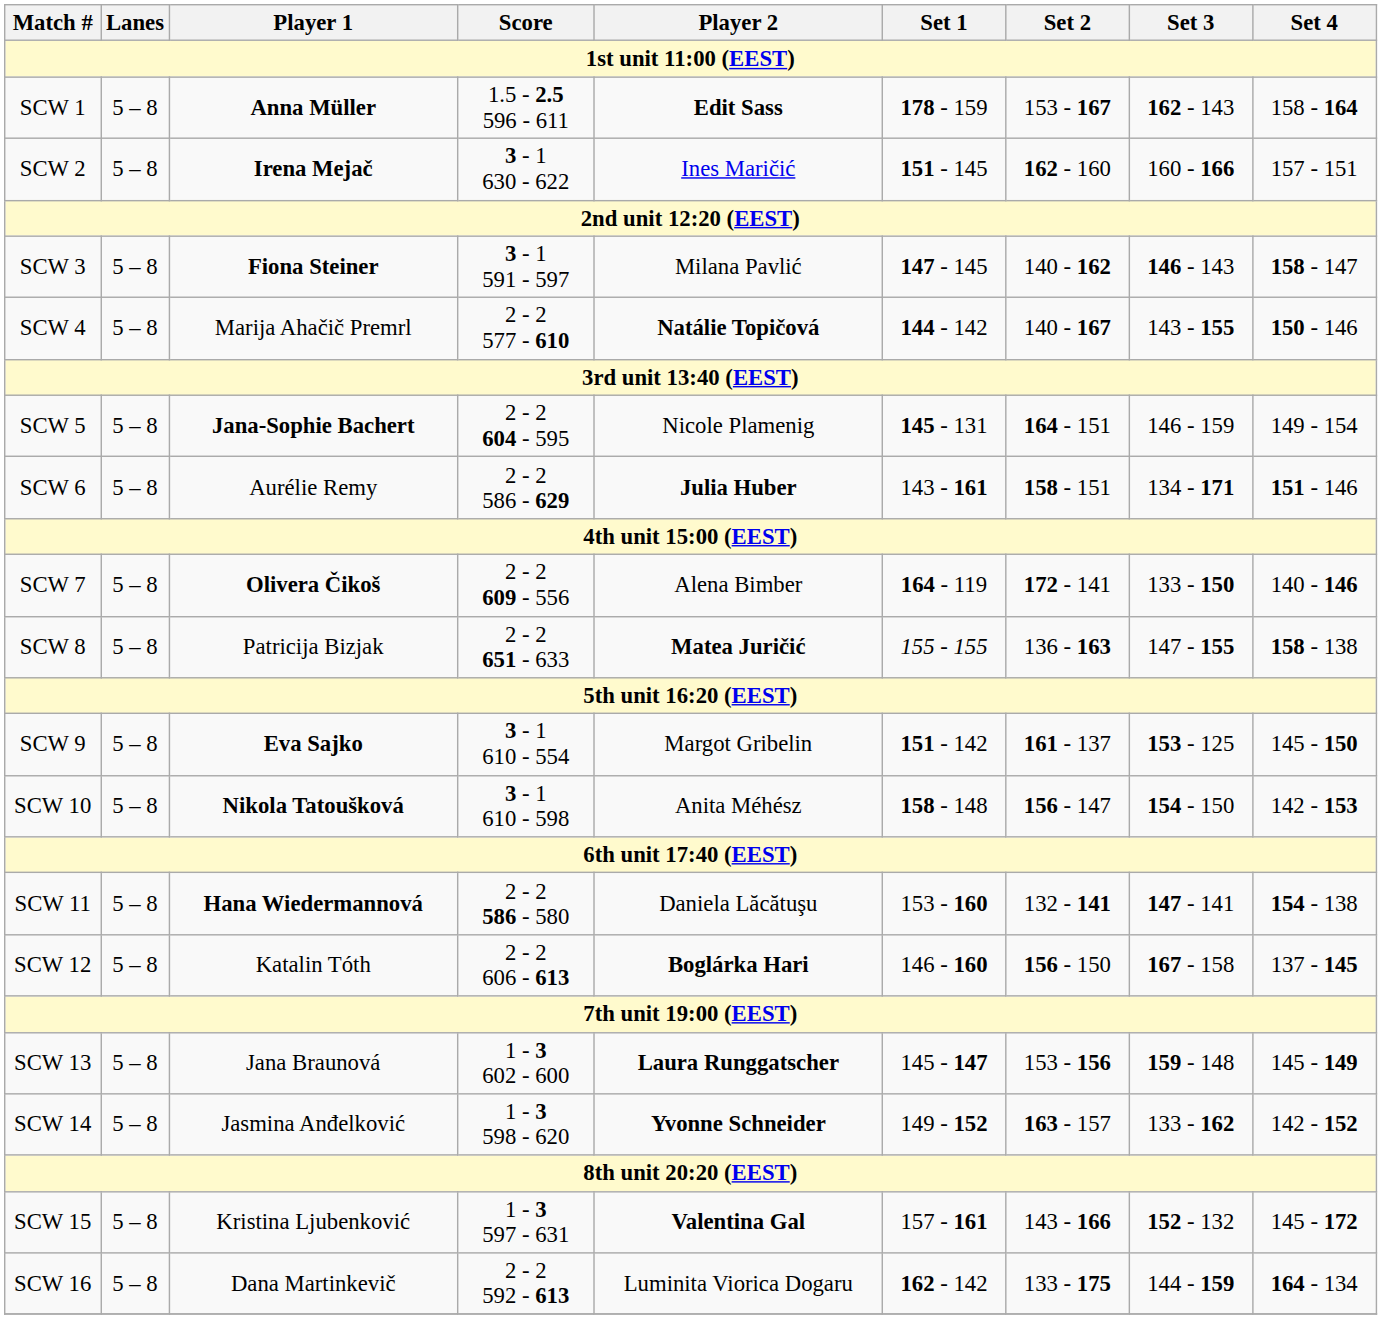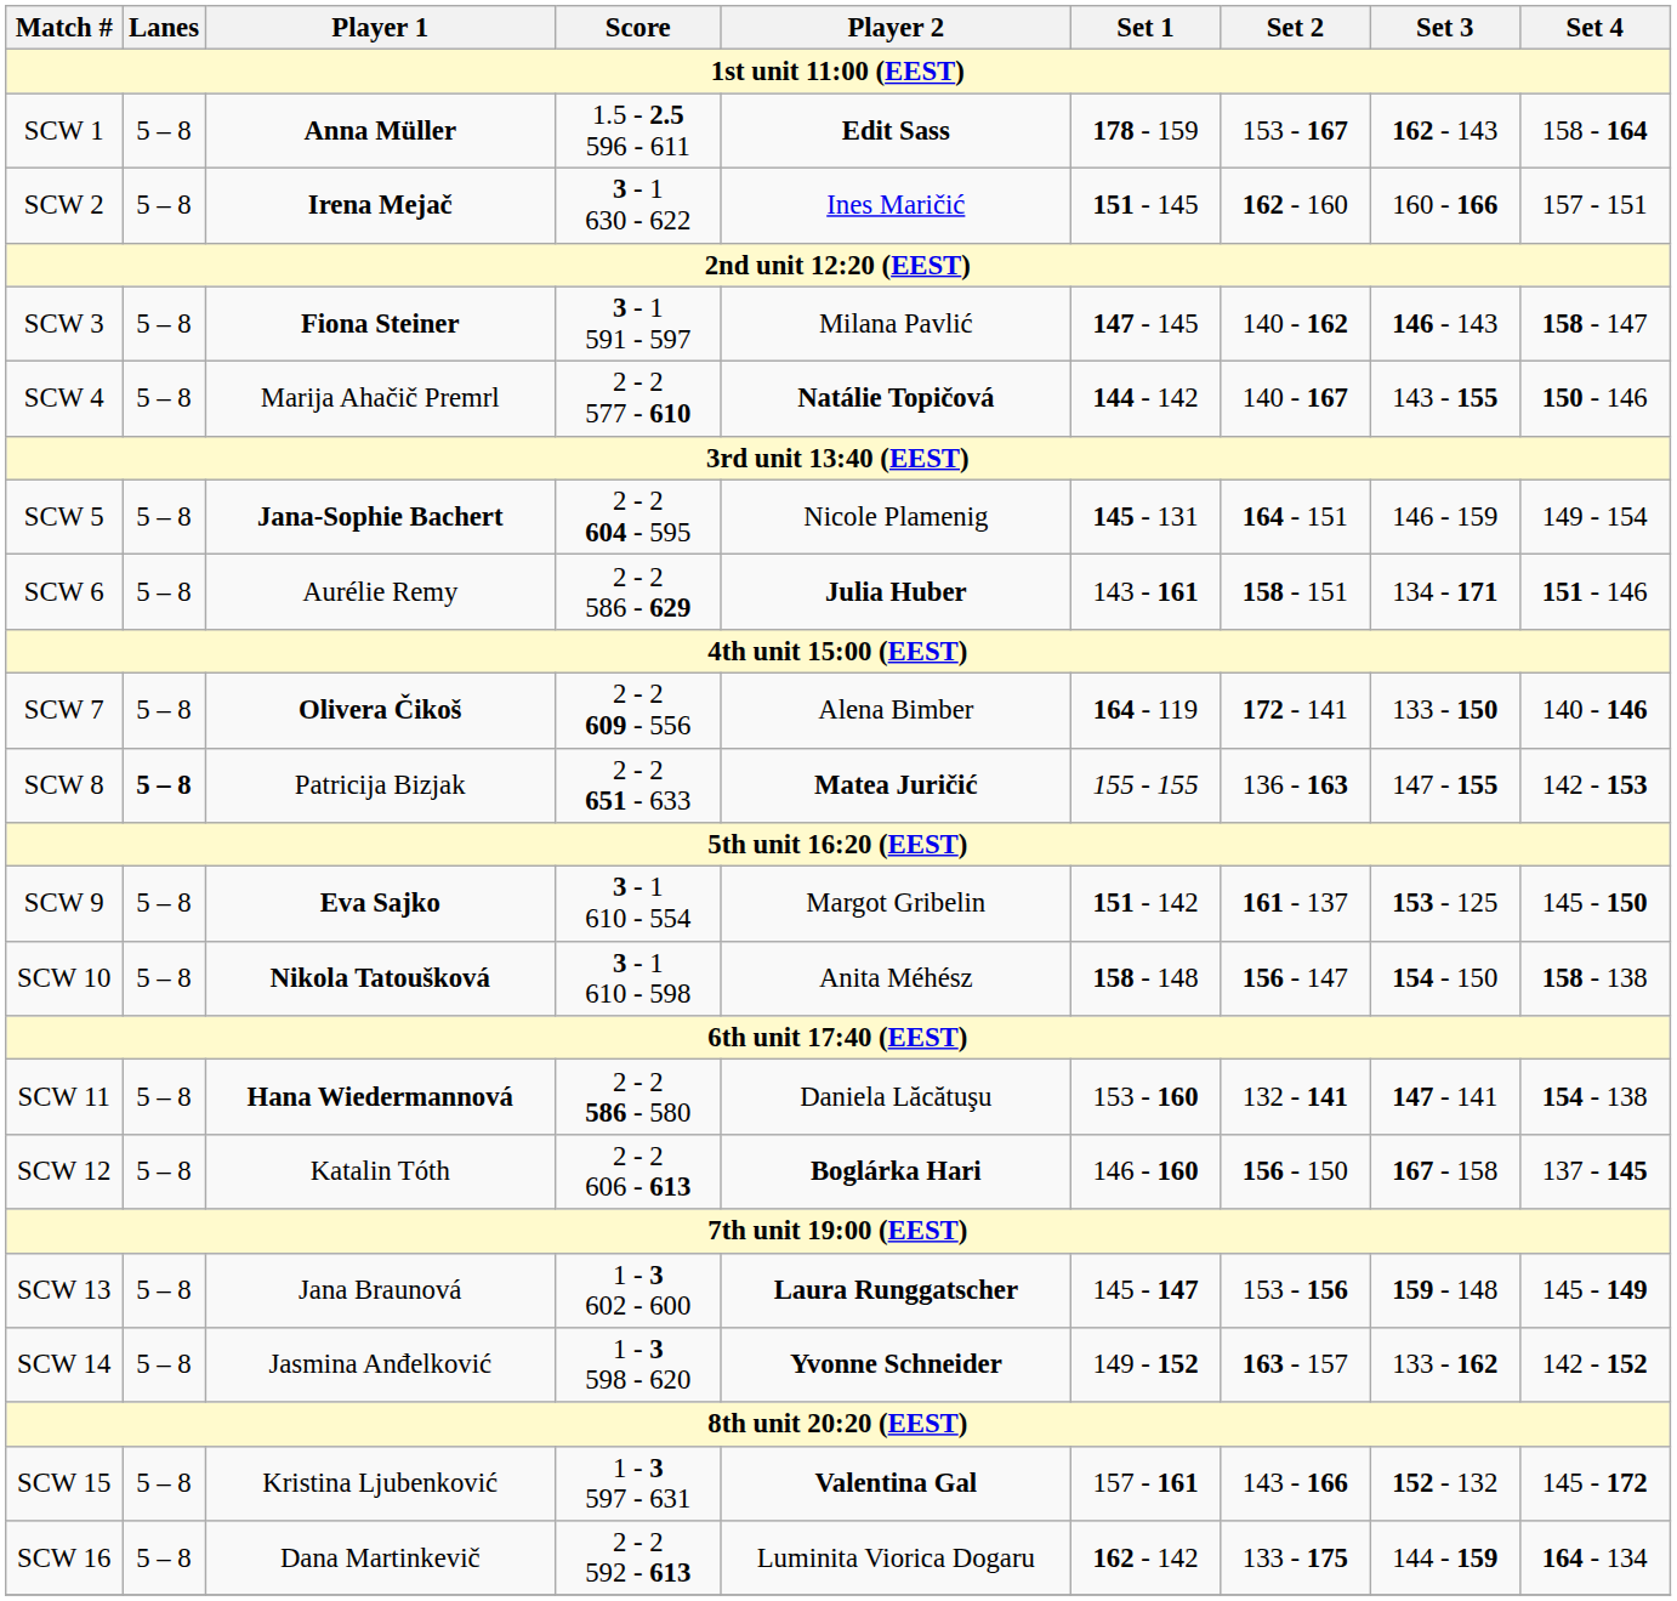 <table class="wikitable">
 <tr>
 <th width="7%">Match #</th>
 <th width="5%">Lanes</th>
 <th width="21%">Player 1</th>
 <th width="10%">Score</th>
 <th width="21%">Player 2</th>
 <th width="9%">Set 1</th>
 <th width="9%">Set 2</th>
 <th width="9%">Set 3</th>
 <th width="9%">Set 4</th>
 </tr>
 <tr>
 <td colspan="9" style="text-align:center; background-color:#FFFACD"><strong>1st unit 11:00 (<a href='#'>EEST</a>)</strong></td>
 </tr>
 <tr style=text-align:center;"background:#;">
 <td>SCW 1</td>
 <td>5 – 8</td>
 <td> <strong>Anna Müller</strong></td>
 <td>1.5 - <strong>2.5</strong> <br> 596 - 611</td>
 <td><strong> Edit Sass</strong></td>
 <td><strong>178</strong> - 159</td>
 <td>153 - <strong>167</strong></td>
 <td><strong>162</strong> - 143</td>
 <td>158 - <strong>164</strong></td>
 </tr>
 <tr style=text-align:center;"background:#;">
 <td>SCW 2</td>
 <td>5 – 8</td>
 <td> <strong>Irena Mejač</strong></td>
 <td><strong>3</strong> - 1 <br> 630 - 622</td>
 <td> <a href='#'>Ines Maričić</a></td>
 <td><strong>151</strong> - 145</td>
 <td><strong>162</strong> - 160</td>
 <td>160 - <strong>166</strong></td>
 <td>157 - 151</td>
 </tr>
 <tr>
 <td colspan="9" style="text-align:center; background-color:#FFFACD"><strong>2nd unit 12:20 (<a href='#'>EEST</a>)</strong></td>
 </tr>
 <tr style=text-align:center;"background:#;">
 <td>SCW 3</td>
 <td>5 – 8</td>
 <td> <strong>Fiona Steiner</strong></td>
 <td><strong>3</strong> - 1 <br> 591 - 597</td>
 <td> Milana Pavlić</td>
 <td><strong>147</strong> - 145</td>
 <td>140 - <strong>162</strong></td>
 <td><strong>146</strong> - 143</td>
 <td><strong>158</strong> - 147</td>
 </tr>
 <tr style=text-align:center;"background:#;">
 <td>SCW 4</td>
 <td>5 – 8</td>
 <td> Marija Ahačič Premrl</td>
 <td>2 - 2 <br> 577 - <strong>610</strong></td>
 <td> <strong>Natálie Topičová</strong></td>
 <td><strong>144</strong> - 142</td>
 <td>140 - <strong>167</strong></td>
 <td>143 - <strong>155</strong></td>
 <td><strong>150</strong> - 146</td>
 </tr>
 <tr>
 <td colspan="9" style="text-align:center; background-color:#FFFACD"><strong>3rd unit 13:40 (<a href='#'>EEST</a>)</strong></td>
 </tr>
 <tr style=text-align:center;"background:#;">
 <td>SCW 5</td>
 <td>5 – 8</td>
 <td> <strong>Jana-Sophie Bachert</strong></td>
 <td>2 - 2 <br> <strong>604</strong> - 595</td>
 <td> Nicole Plamenig</td>
 <td><strong>145</strong> - 131</td>
 <td><strong>164</strong> - 151</td>
 <td>146 - 159</td>
 <td>149 - 154</td>
 </tr>
 <tr style=text-align:center;"background:#;">
 <td>SCW 6</td>
 <td>5 – 8</td>
 <td> Aurélie Remy</td>
 <td>2 - 2 <br> 586 - <strong>629</strong></td>
 <td> <strong>Julia Huber</strong></td>
 <td>143 - <strong>161</strong></td>
 <td><strong>158</strong> - 151</td>
 <td>134 - <strong>171</strong></td>
 <td><strong>151</strong> - 146</td>
 </tr>
 <tr>
 <td colspan="9" style="text-align:center; background-color:#FFFACD"><strong>4th unit 15:00 (<a href='#'>EEST</a>)</strong></td>
 </tr>
 <tr style=text-align:center;"background:#;">
 <td>SCW 7</td>
 <td>5 – 8</td>
 <td> <strong>Olivera Čikoš</strong></td>
 <td>2 - 2 <br> <strong>609</strong> - 556</td>
 <td> Alena Bimber</td>
 <td><strong>164</strong> - 119</td>
 <td><strong>172</strong> - 141</td>
 <td>133 - <strong>150</strong></td>
 <td>140 - <strong>146</strong></td>
 </tr>
 <tr style=text-align:center;"background:#;">
 <td>SCW 8</td>
-<td>5 – 8</td>
+<td><strong>5 – 8</strong></td>
 <td> Patricija Bizjak</td>
 <td>2 - 2 <br> <strong>651</strong> - 633</td>
 <td> <strong>Matea Juričić</strong></td>
 <td><em>155</em> - <em>155</em></td>
 <td>136 - <strong>163</strong></td>
 <td>147 - <strong>155</strong></td>
-<td><strong>158</strong> - 138</td>
+<td>142 - <strong>153</strong></td>
 </tr>
 <tr>
 <td colspan="9" style="text-align:center; background-color:#FFFACD"><strong>5th unit 16:20 (<a href='#'>EEST</a>)</strong></td>
 </tr>
 <tr style=text-align:center;"background:#;">
 <td>SCW 9</td>
 <td>5 – 8</td>
 <td> <strong>Eva Sajko</strong></td>
 <td><strong>3</strong> - 1 <br> 610 - 554</td>
 <td> Margot Gribelin</td>
 <td><strong>151</strong> - 142</td>
 <td><strong>161</strong> - 137</td>
 <td><strong>153</strong> - 125</td>
 <td>145 - <strong>150</strong></td>
 </tr>
 <tr style=text-align:center;"background:#;">
 <td>SCW 10</td>
 <td>5 – 8</td>
 <td> <strong>Nikola Tatoušková</strong></td>
 <td><strong>3</strong> - 1 <br> 610 - 598</td>
 <td> Anita Méhész</td>
 <td><strong>158</strong> - 148</td>
 <td><strong>156</strong> - 147</td>
 <td><strong>154</strong> - 150</td>
-<td>142 - <strong>153</strong></td>
+<td><strong>158</strong> - 138</td>
 </tr>
 <tr>
 <td colspan="9" style="text-align:center; background-color:#FFFACD"><strong>6th unit 17:40 (<a href='#'>EEST</a>)</strong></td>
 </tr>
 <tr style=text-align:center;"background:#;">
 <td>SCW 11</td>
 <td>5 – 8</td>
 <td> <strong>Hana Wiedermannová</strong></td>
 <td>2 - 2 <br> <strong>586</strong> - 580</td>
 <td> Daniela Lăcătuşu</td>
 <td>153 - <strong>160</strong></td>
 <td>132 - <strong>141</strong></td>
 <td><strong>147</strong> - 141</td>
 <td><strong>154</strong> - 138</td>
 </tr>
 <tr style=text-align:center;"background:#;">
 <td>SCW 12</td>
 <td>5 – 8</td>
 <td> Katalin Tóth</td>
 <td>2 - 2 <br> 606 - <strong>613</strong></td>
 <td> <strong>Boglárka Hari</strong></td>
 <td>146 - <strong>160</strong></td>
 <td><strong>156</strong> - 150</td>
 <td><strong>167</strong> - 158</td>
 <td>137 - <strong>145</strong></td>
 </tr>
 <tr>
 <td colspan="9" style="text-align:center; background-color:#FFFACD"><strong>7th unit 19:00 (<a href='#'>EEST</a>)</strong></td>
 </tr>
 <tr style=text-align:center;"background:#;">
 <td>SCW 13</td>
 <td>5 – 8</td>
 <td> Jana Braunová</td>
 <td>1 - <strong>3</strong> <br> 602 - 600</td>
 <td> <strong>Laura Runggatscher</strong></td>
 <td>145 - <strong>147</strong></td>
 <td>153 - <strong>156</strong></td>
 <td><strong>159</strong> - 148</td>
 <td>145 - <strong>149</strong></td>
 </tr>
 <tr style=text-align:center;"background:#;">
 <td>SCW 14</td>
 <td>5 – 8</td>
 <td> Jasmina Anđelković</td>
 <td>1 - <strong>3</strong> <br> 598 - 620</td>
 <td> <strong>Yvonne Schneider</strong></td>
 <td>149 - <strong>152</strong></td>
 <td><strong>163</strong> - 157</td>
 <td>133 - <strong>162</strong></td>
 <td>142 - <strong>152</strong></td>
 </tr>
 <tr>
 <td colspan="9" style="text-align:center; background-color:#FFFACD"><strong>8th unit 20:20 (<a href='#'>EEST</a>)</strong></td>
 </tr>
 <tr style=text-align:center;"background:#;">
 <td>SCW 15</td>
 <td>5 – 8</td>
 <td> Kristina Ljubenković</td>
 <td>1 - <strong>3</strong> <br> 597 - 631</td>
 <td> <strong>Valentina Gal</strong></td>
 <td>157 - <strong>161</strong></td>
 <td>143 - <strong>166</strong></td>
 <td><strong>152</strong> - 132</td>
 <td>145 - <strong>172</strong></td>
 </tr>
 <tr style=text-align:center;"background:#;">
 <td>SCW 16</td>
 <td>5 – 8</td>
 <td> Dana Martinkevič</td>
 <td>2 - 2 <br> 592 - <strong>613</strong></td>
 <td> Luminita Viorica Dogaru</td>
 <td><strong>162</strong> - 142</td>
 <td>133 - <strong>175</strong></td>
 <td>144 - <strong>159</strong></td>
 <td><strong>164</strong> - 134</td>
 </tr>
 <tr>
 </tr>
 </table>
